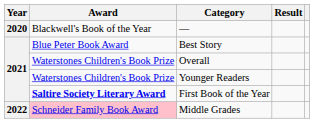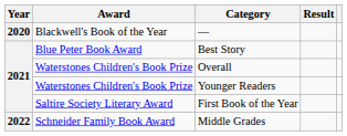 <table class="wikitable">
 <tr>
 <th>Year</th>
 <th>Award</th>
 <th>Category</th>
 <th>Result</th>
 <th></th>
 </tr>
 <tr>
 <th>2020</th>
 <td>Blackwell's Book of the Year</td>
 <td>—</td>
 <td></td>
 <td></td>
 </tr>
 <tr>
 <th rowspan="4">2021</th>
 <td><a href='#'>Blue Peter Book Award</a></td>
 <td>Best Story</td>
 <td></td>
 <td></td>
 </tr>
 <tr>
 <td><a href='#'>Waterstones Children's Book Prize</a></td>
 <td>Overall</td>
 <td></td>
 <td></td>
 </tr>
 <tr>
 <td><a href='#'>Waterstones Children's Book Prize</a></td>
 <td>Younger Readers</td>
 <td></td>
 <td></td>
 </tr>
 <tr>
-<td><strong><a href='#'>Saltire Society Literary Award</a></strong></td>
+<td><a href='#'>Saltire Society Literary Award</a></td>
 <td>First Book of the Year</td>
 <td></td>
 <td></td>
 </tr>
 <tr>
 <th>2022</th>
-<td style="background: pink;"><a href='#'>Schneider Family Book Award</a></td>
+<td><a href='#'>Schneider Family Book Award</a></td>
 <td>Middle Grades</td>
 <td></td>
 <td></td>
 </tr>
 </table>
